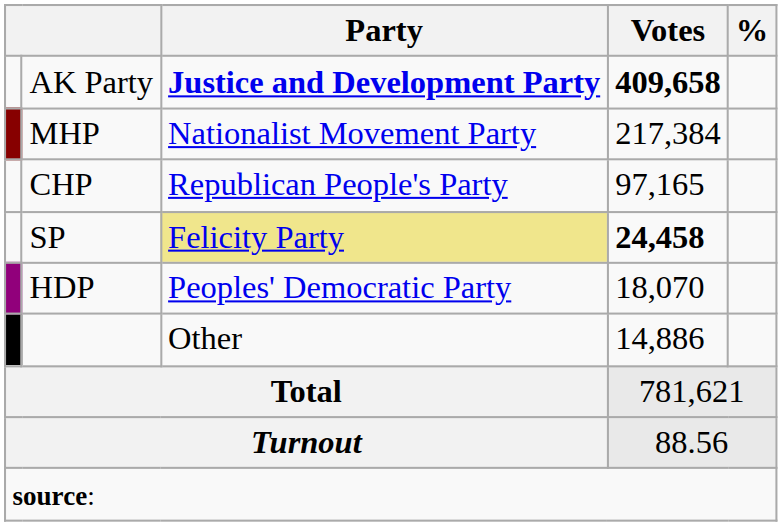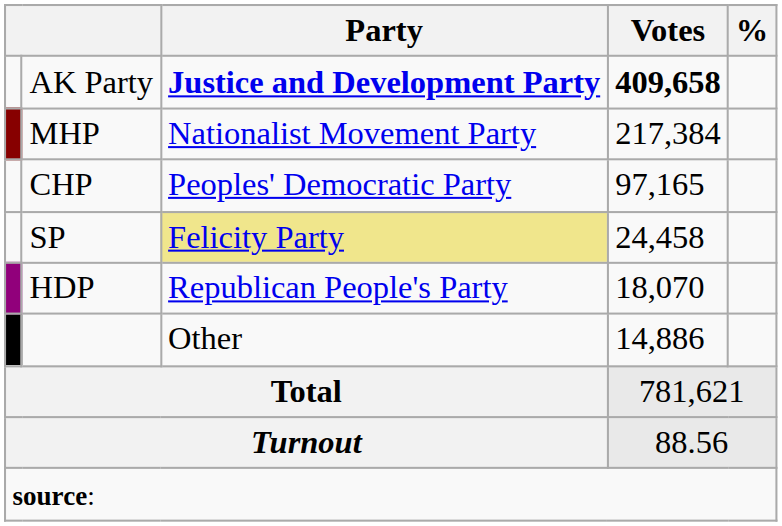 <table class="wikitable">
 <tr>
 <th colspan="2" align="center"></th>
 <th align="center">Party</th>
 <th align="center">Votes</th>
 <th align="center">%</th>
 </tr>
 <tr align="left">
 <td></td>
 <td>AK Party</td>
 <td><strong><a href='#'>Justice and Development Party</a></strong></td>
 <td><strong>409,658</strong></td>
 <td><strong></strong></td>
 </tr>
 <tr align="left">
 <td bgcolor="#870000" width="1"></td>
 <td>MHP</td>
 <td><a href='#'>Nationalist Movement Party</a></td>
 <td>217,384</td>
 <td></td>
 </tr>
 <tr align="left">
 <td></td>
 <td>CHP</td>
-<td><a href='#'>Republican People's Party</a></td>
+<td><a href='#'>Peoples' Democratic Party</a></td>
 <td>97,165</td>
 <td></td>
 </tr>
 <tr align="left">
 <td></td>
 <td>SP</td>
 <td style="background: khaki;"><a href='#'>Felicity Party</a></td>
-<td><strong>24,458</strong></td>
+<td>24,458</td>
 <td></td>
 </tr>
 <tr align="left">
 <td bgcolor="#91007B" width="1"></td>
 <td>HDP</td>
-<td><a href='#'>Peoples' Democratic Party</a></td>
+<td><a href='#'>Republican People's Party</a></td>
 <td>18,070</td>
 <td></td>
 </tr>
 <tr align="left">
 <td bgcolor=" " width="1"></td>
 <td></td>
 <td>Other</td>
 <td>14,886</td>
 <td></td>
 </tr>
 <tr align="left" style="background-color:#E9E9E9">
 <th colspan="3" align="center"><strong>Total</strong></th>
 <td colspan="5" align="center">781,621</td>
 </tr>
 <tr align="left" style="background-color:#E9E9E9">
 <th colspan="3" align="center"><em>Turnout</em></th>
 <td colspan="5" align="center">88.56</td>
 </tr>
 <tr>
 <td colspan="9" align="left"><small><strong>source</strong>: </small></td>
 </tr>
 </table>
